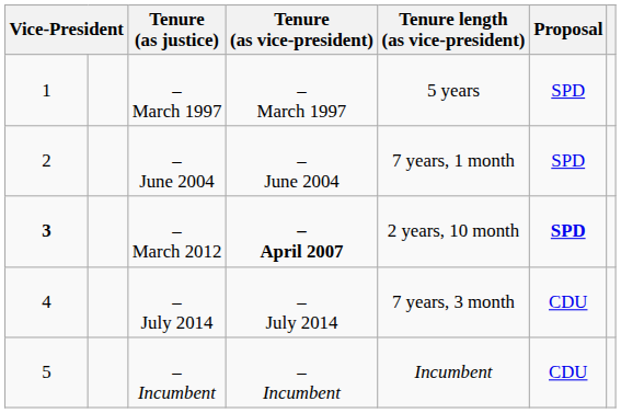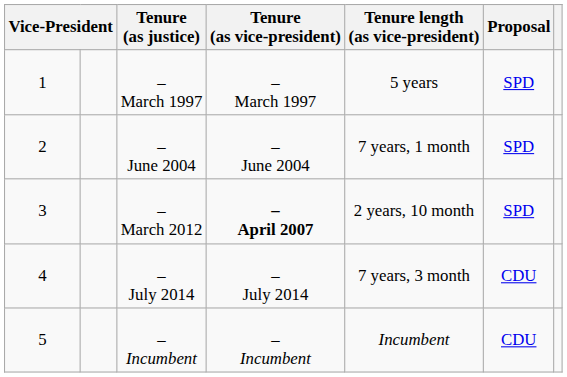 <table class="wikitable sortable" style="text-align: center;">
 <tr>
 <th colspan="2" scope="col">Vice-President</th>
 <th scope="col">Tenure<br>(as justice)</th>
 <th scope="col">Tenure<br>(as vice-president)</th>
 <th scope="col">Tenure length<br>(as vice-president)</th>
 <th scope="col">Proposal</th>
 <th scope="col" class="unsortable"><strong></strong></th>
 </tr>
 <tr>
 <td>1</td>
 <td></td>
 <td><br>–<br>March 1997</td>
 <td><br>–<br>March 1997</td>
 <td>5 years</td>
 <td data-sort-value="FDP"><a href='#'>SPD</a></td>
 <td></td>
 </tr>
 <tr>
 <td>2</td>
 <td></td>
 <td><br>–<br>June 2004</td>
 <td><br>–<br>June 2004</td>
 <td>7 years, 1 month</td>
 <td><a href='#'>SPD</a></td>
 <td></td>
 </tr>
 <tr>
-<td><strong>3</strong></td>
+<td>3</td>
 <td></td>
 <td><br>–<br>March 2012</td>
 <td><strong><br>–<br>April 2007</strong></td>
 <td>2 years, 10 month</td>
-<td><strong><a href='#'>SPD</a></strong></td>
+<td><a href='#'>SPD</a></td>
 <td></td>
 </tr>
 <tr>
 <td>4</td>
 <td></td>
 <td><br>–<br>July 2014</td>
 <td><br>–<br>July 2014</td>
 <td>7 years, 3 month</td>
 <td><a href='#'>CDU</a></td>
 <td></td>
 </tr>
 <tr>
 <td>5</td>
 <td></td>
 <td><br>–<br><em>Incumbent</em></td>
 <td><br>–<br><em>Incumbent</em></td>
 <td><em>Incumbent</em></td>
 <td><a href='#'>CDU</a></td>
 <td></td>
 </tr>
 </table>
